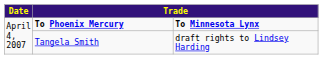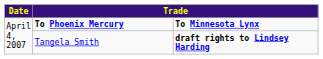 <table class="wikitable" style="width:80%">
 <tr>
 <th style="background:#32127a; color:#ff0; width=200;">Date</th>
 <th style="background:#32127a; color:#ff0;" colspan="2">Trade</th>
 </tr>
 <tr>
 <td rowspan=2>April 4, 2007</td>
 <td width=350><strong>To <a href='#'>Phoenix Mercury</a></strong></td>
 <td width=350><strong>To <a href='#'>Minnesota Lynx</a></strong></td>
 </tr>
 <tr>
 <td><a href='#'>Tangela Smith</a></td>
-<td>draft rights to <a href='#'>Lindsey Harding</a></td>
+<td><strong>draft rights to <a href='#'>Lindsey Harding</a></strong></td>
 </tr>
 </table>
